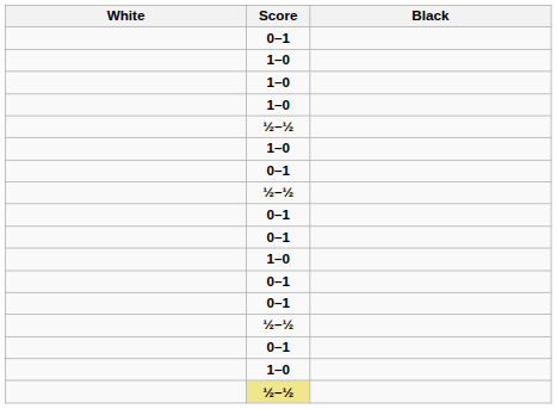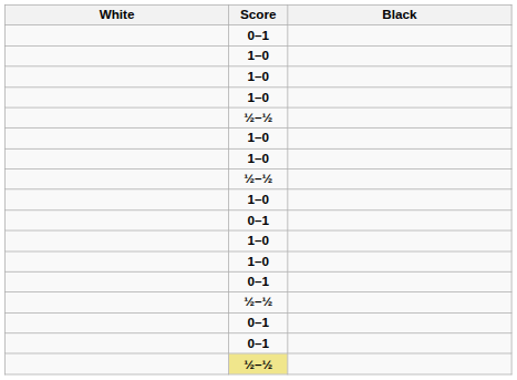 <table class="wikitable" style="text-align: center;">
 <tr>
 <th align="right" width="270">White</th>
 <th width="65">Score</th>
 <th align="left" width="270">Black</th>
 </tr>
 <tr>
 <td align=left></td>
 <td align=center><strong>0–1</strong></td>
 <td align=left><strong></strong></td>
 </tr>
 <tr>
 <td align=left><strong></strong></td>
 <td align=center><strong>1–0</strong></td>
 <td align=left><strong></strong></td>
 </tr>
 <tr>
 <td align=left><strong></strong></td>
 <td align=center><strong>1–0</strong></td>
 <td align=left></td>
 </tr>
 <tr>
 <td align=left></td>
 <td align=center><strong>1–0</strong></td>
 <td align=left></td>
 </tr>
 <tr>
 <td align=left></td>
 <td align=center><strong>½–½</strong></td>
 <td align=left></td>
 </tr>
 <tr>
 <td align=left><strong></strong></td>
 <td align=center><strong>1–0</strong></td>
 <td align=left></td>
 </tr>
 <tr>
 <td align=left><strong></strong></td>
-<td align=center><strong>0–1</strong></td>
+<td align=center><strong>1–0</strong></td>
 <td align=left></td>
 </tr>
 <tr>
 <td align=left><strong></strong></td>
 <td align=center><strong>½–½</strong></td>
 <td align=left></td>
 </tr>
 <tr>
 <td align=left></td>
-<td align=center><strong>0–1</strong></td>
+<td align=center><strong>1–0</strong></td>
 <td align=left><strong></strong></td>
 </tr>
 <tr>
 <td align=left></td>
 <td align=center><strong>0–1</strong></td>
 <td align=left><strong></strong></td>
 </tr>
 <tr>
 <td align=left><strong></strong></td>
 <td align=center><strong>1–0</strong></td>
 <td align=left></td>
 </tr>
 <tr>
 <td align=left></td>
-<td align=center><strong>0–1</strong></td>
+<td align=center><strong>1–0</strong></td>
 <td align=left><strong></strong></td>
 </tr>
 <tr>
 <td align=left></td>
 <td align=center><strong>0–1</strong></td>
 <td align=left><strong></strong></td>
 </tr>
 <tr>
 <td align=left></td>
 <td align=center><strong>½–½</strong></td>
 <td align=left></td>
 </tr>
 <tr>
 <td align=left></td>
 <td align=center><strong>0–1</strong></td>
 <td align=left><strong></strong></td>
 </tr>
 <tr>
 <td align=left><strong></strong></td>
-<td align=center><strong>1–0</strong></td>
+<td align=center><strong>0–1</strong></td>
 <td align=left></td>
 </tr>
 <tr>
 <td align=left></td>
 <td align=center style="background: khaki;"><strong>½–½</strong></td>
 <td align=left></td>
 </tr>
 </table>
